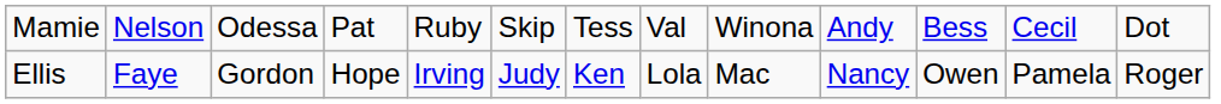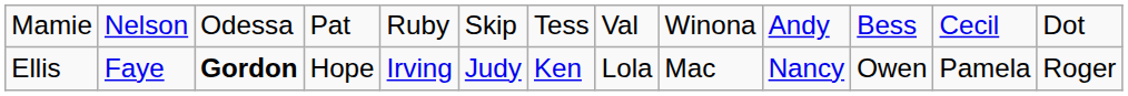 <table class="wikitable">
 <tr>
 <td>Mamie</td>
 <td><a href='#'>Nelson</a></td>
 <td>Odessa</td>
 <td>Pat</td>
 <td>Ruby</td>
 <td>Skip</td>
 <td>Tess</td>
 <td>Val</td>
 <td>Winona</td>
 <td><a href='#'>Andy</a></td>
 <td><a href='#'>Bess</a></td>
 <td><a href='#'>Cecil</a></td>
 <td>Dot</td>
 </tr>
 <tr>
 <td>Ellis</td>
 <td><a href='#'>Faye</a></td>
-<td>Gordon</td>
+<td><strong>Gordon</strong></td>
 <td>Hope</td>
 <td><a href='#'>Irving</a></td>
 <td><a href='#'>Judy</a></td>
 <td><a href='#'>Ken</a></td>
 <td>Lola</td>
 <td>Mac</td>
 <td><a href='#'>Nancy</a></td>
 <td>Owen</td>
 <td>Pamela</td>
 <td>Roger</td>
 </tr>
 </table>
